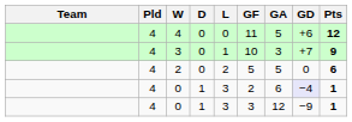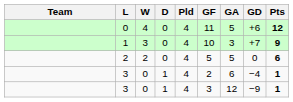 <table class="wikitable" style="text-align: center;">
 <tr>
 <th width="175">Team</th>
-<th width="30">Pld</th>
+<th width="25">L</th>
 <th width="25">W</th>
 <th width="25">D</th>
-<th width="25">L</th>
+<th width="30">Pld</th>
 <th width="30">GF</th>
 <th width="30">GA</th>
 <th width="30">GD</th>
 <th width="30">Pts</th>
 </tr>
 <tr bgcolor="#ccffcc">
 <td align=left></td>
-<td>4</td>
+<td>0</td>
 <td>4</td>
 <td>0</td>
-<td>0</td>
+<td>4</td>
 <td>11</td>
 <td>5</td>
 <td>+6</td>
 <td><strong>12</strong></td>
 </tr>
 <tr bgcolor="#ccffcc">
 <td align=left></td>
-<td>4</td>
+<td>1</td>
 <td>3</td>
 <td>0</td>
-<td>1</td>
+<td>4</td>
 <td>10</td>
 <td>3</td>
 <td>+7</td>
 <td><strong>9</strong></td>
 </tr>
 <tr>
 <td align=left></td>
-<td>4</td>
+<td>2</td>
 <td>2</td>
 <td>0</td>
-<td>2</td>
+<td>4</td>
 <td>5</td>
 <td>5</td>
 <td>0</td>
 <td><strong>6</strong></td>
 </tr>
 <tr>
 <td align=left></td>
-<td>4</td>
+<td>3</td>
 <td>0</td>
 <td>1</td>
-<td>3</td>
+<td>4</td>
 <td>2</td>
 <td>6</td>
-<td style="background: lavender;">−4</td>
+<td>−4</td>
 <td><strong>1</strong></td>
 </tr>
 <tr>
 <td align=left></td>
-<td>4</td>
+<td>3</td>
 <td>0</td>
 <td>1</td>
-<td>3</td>
+<td>4</td>
 <td>3</td>
 <td>12</td>
 <td>−9</td>
 <td><strong>1</strong></td>
 </tr>
 </table>
